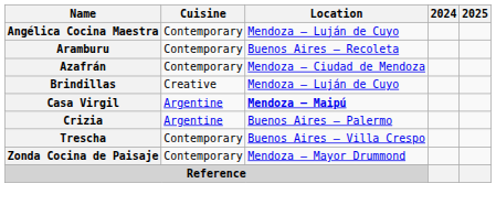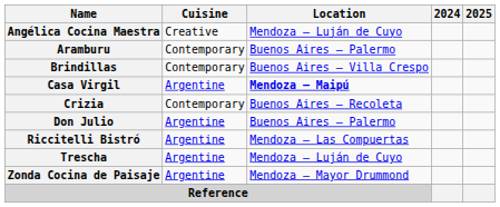 <table class="wikitable sortable plainrowheaders" style="text-align:left;"">
 <tr>
 <th scope="col">Name</th>
 <th scope="col">Cuisine</th>
 <th scope="col">Location</th>
 <th scope="col">2024</th>
 <th scope="col">2025</th>
 </tr>
 <tr>
 <th scope="row">Angélica Cocina Maestra</th>
-<td>Contemporary</td>
+<td>Creative</td>
 <td><a href='#'>Mendoza – Luján de Cuyo</a></td>
 <td></td>
 <td></td>
 </tr>
 <tr>
 <th scope="row">Aramburu</th>
 <td>Contemporary</td>
-<td><a href='#'>Buenos Aires – Recoleta</a></td>
-<td></td>
-<td></td>
-</tr>
-<tr>
-<th scope="row">Azafrán</th>
-<td>Contemporary</td>
-<td><a href='#'>Mendoza – Ciudad de Mendoza</a></td>
+<td><a href='#'>Buenos Aires – Palermo</a></td>
 <td></td>
 <td></td>
 </tr>
 <tr>
 <th scope="row">Brindillas</th>
-<td>Creative</td>
-<td><a href='#'>Mendoza – Luján de Cuyo</a></td>
+<td>Contemporary</td>
+<td><a href='#'>Buenos Aires – Villa Crespo</a></td>
 <td></td>
 <td></td>
 </tr>
 <tr>
 <th scope="row">Casa Virgil</th>
 <td><a href='#'>Argentine</a></td>
 <td><strong><a href='#'>Mendoza – Maipú</a></strong></td>
 <td></td>
 <td></td>
 </tr>
 <tr>
 <th scope="row">Crizia</th>
+<td>Contemporary</td>
+<td><a href='#'>Buenos Aires – Recoleta</a></td>
+<td></td>
+<td></td>
+</tr>
+<tr>
+<th scope="row">Don Julio</th>
 <td><a href='#'>Argentine</a></td>
 <td><a href='#'>Buenos Aires – Palermo</a></td>
 <td></td>
 <td></td>
 </tr>
 <tr>
+<th scope="row">Riccitelli Bistró</th>
+<td><a href='#'>Argentine</a></td>
+<td><a href='#'>Mendoza – Las Compuertas</a></td>
+<td></td>
+<td></td>
+</tr>
+<tr>
 <th scope="row">Trescha</th>
-<td>Contemporary</td>
-<td><a href='#'>Buenos Aires – Villa Crespo</a></td>
+<td><a href='#'>Argentine</a></td>
+<td><a href='#'>Mendoza – Luján de Cuyo</a></td>
 <td></td>
 <td></td>
 </tr>
 <tr>
 <th scope="row">Zonda Cocina de Paisaje</th>
-<td>Contemporary</td>
+<td><a href='#'>Argentine</a></td>
 <td><a href='#'>Mendoza – Mayor Drummond</a></td>
 <td></td>
 <td></td>
 </tr>
 <tr>
 <th colspan="3" style="text-align: center;background: lightgray;">Reference</th>
 <th></th>
 <th></th>
 </tr>
 </table>
